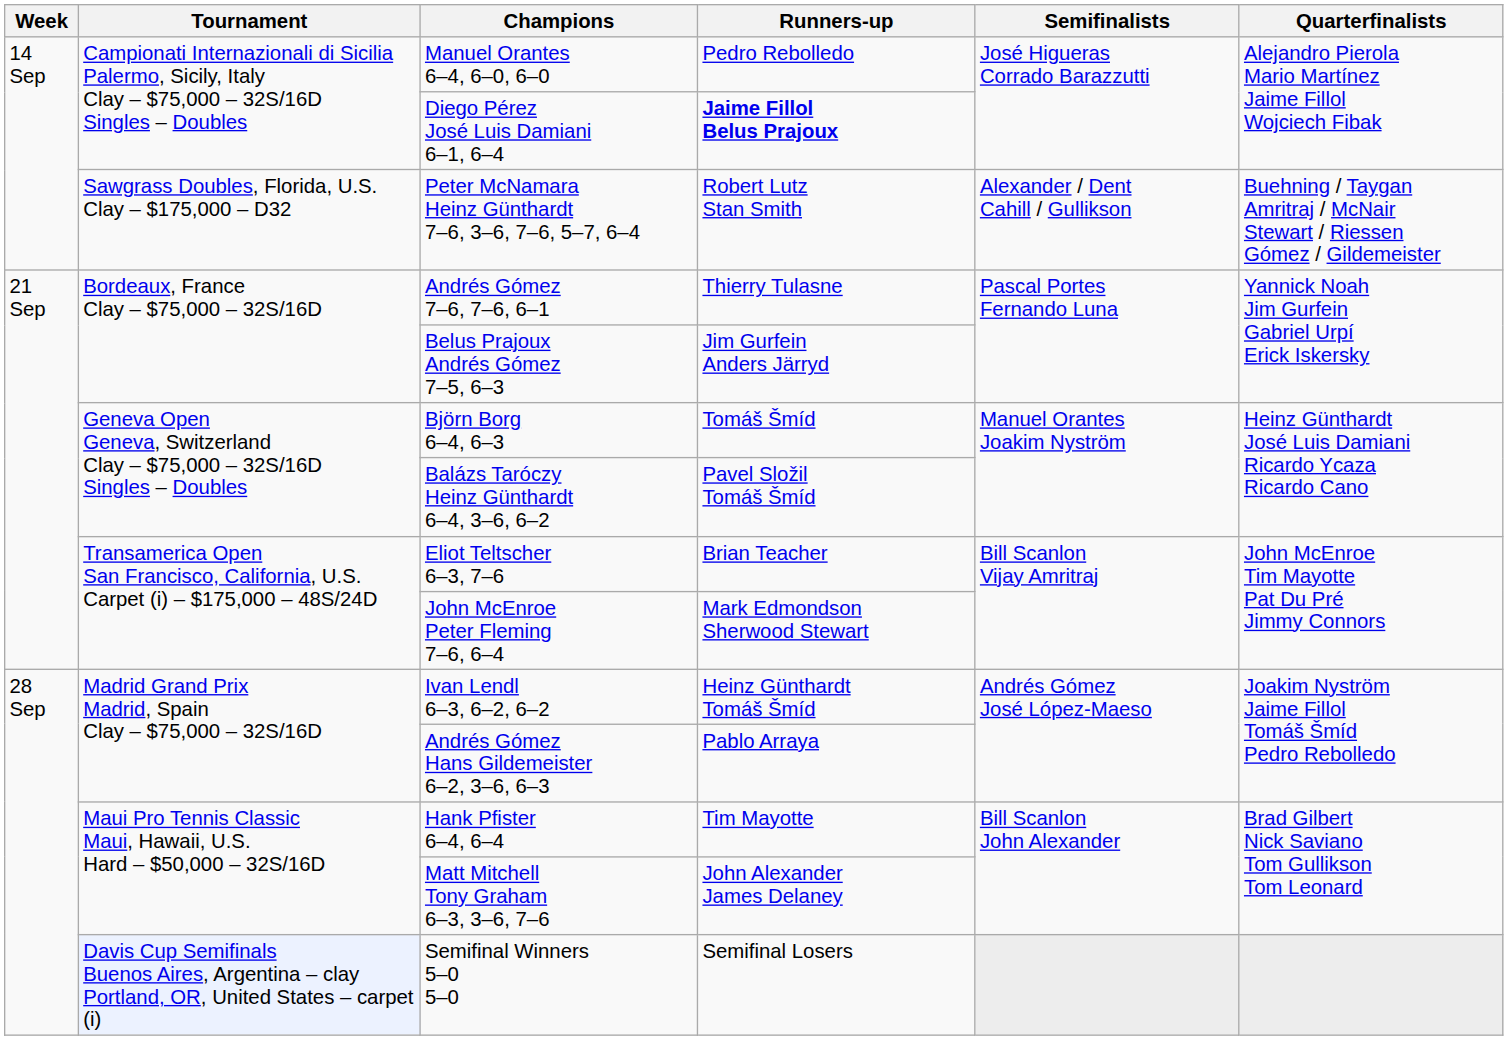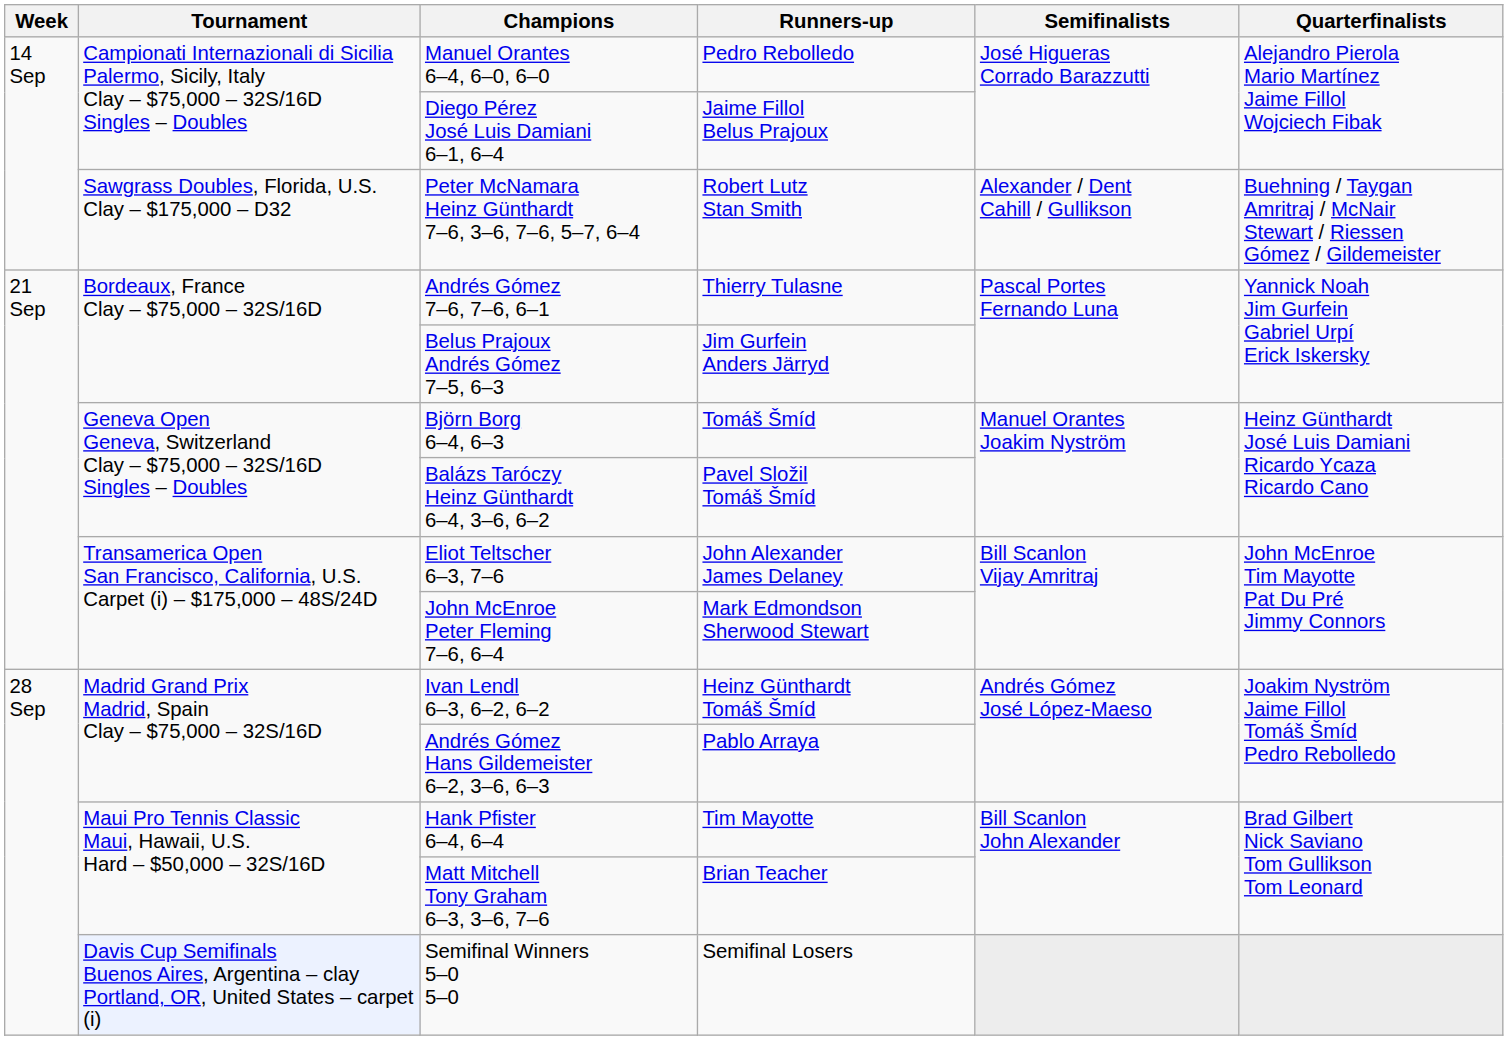 <table class=wikitable style=font-size:95%>
 <tr>
 <th style="width:48px;">Week</th>
 <th style="width:248px;">Tournament</th>
 <th style="width:200px;">Champions</th>
 <th style="width:200px;">Runners-up</th>
 <th style="width:190px;">Semifinalists</th>
 <th style="width:190px;">Quarterfinalists</th>
 </tr>
 <tr valign=top>
 <td rowspan=3>14 Sep</td>
 <td rowspan=2><a href='#'>Campionati Internazionali di Sicilia</a> <br> <a href='#'>Palermo</a>, Sicily, Italy <br> Clay – $75,000 – 32S/16D <br> <a href='#'>Singles</a> – <a href='#'>Doubles</a></td>
 <td> <a href='#'>Manuel Orantes</a> <br> 6–4, 6–0, 6–0</td>
 <td> <a href='#'>Pedro Rebolledo</a></td>
 <td rowspan=2> <a href='#'>José Higueras</a> <br>  <a href='#'>Corrado Barazzutti</a></td>
 <td rowspan=2> <a href='#'>Alejandro Pierola</a> <br>  <a href='#'>Mario Martínez</a> <br>  <a href='#'>Jaime Fillol</a> <br>  <a href='#'>Wojciech Fibak</a></td>
 </tr>
 <tr valign=top>
 <td> <a href='#'>Diego Pérez</a> <br>  <a href='#'>José Luis Damiani</a> <br> 6–1, 6–4</td>
-<td><strong> <a href='#'>Jaime Fillol</a> <br>  <a href='#'>Belus Prajoux</a></strong></td>
+<td> <a href='#'>Jaime Fillol</a> <br>  <a href='#'>Belus Prajoux</a></td>
 </tr>
 <tr valign=top>
 <td><a href='#'>Sawgrass Doubles</a>, Florida, U.S. <br> Clay – $175,000 – D32</td>
 <td> <a href='#'>Peter McNamara</a> <br>  <a href='#'>Heinz Günthardt</a> <br> 7–6, 3–6, 7–6, 5–7, 6–4</td>
 <td> <a href='#'>Robert Lutz</a> <br>  <a href='#'>Stan Smith</a></td>
 <td> <a href='#'>Alexander</a> /  <a href='#'>Dent</a><br> <a href='#'>Cahill</a> /  <a href='#'>Gullikson</a></td>
 <td> <a href='#'>Buehning</a> /  <a href='#'>Taygan</a><br> <a href='#'>Amritraj</a> /  <a href='#'>McNair</a><br> <a href='#'>Stewart</a> /  <a href='#'>Riessen</a><br> <a href='#'>Gómez</a> /  <a href='#'>Gildemeister</a></td>
 </tr>
 <tr valign=top>
 <td rowspan=6>21 Sep</td>
 <td rowspan=2><a href='#'>Bordeaux</a>, France <br> Clay – $75,000 – 32S/16D</td>
 <td> <a href='#'>Andrés Gómez</a> <br> 7–6, 7–6, 6–1</td>
 <td> <a href='#'>Thierry Tulasne</a></td>
 <td rowspan=2> <a href='#'>Pascal Portes</a> <br>  <a href='#'>Fernando Luna</a></td>
 <td rowspan=2> <a href='#'>Yannick Noah</a> <br>  <a href='#'>Jim Gurfein</a> <br>  <a href='#'>Gabriel Urpí</a> <br>  <a href='#'>Erick Iskersky</a></td>
 </tr>
 <tr valign=top>
 <td> <a href='#'>Belus Prajoux</a> <br>  <a href='#'>Andrés Gómez</a> <br> 7–5, 6–3</td>
 <td> <a href='#'>Jim Gurfein</a> <br>  <a href='#'>Anders Järryd</a></td>
 </tr>
 <tr valign=top>
 <td rowspan=2><a href='#'>Geneva Open</a> <br> <a href='#'>Geneva</a>, Switzerland <br> Clay – $75,000 – 32S/16D <br> <a href='#'>Singles</a> – <a href='#'>Doubles</a></td>
 <td> <a href='#'>Björn Borg</a> <br> 6–4, 6–3</td>
 <td> <a href='#'>Tomáš Šmíd</a></td>
 <td rowspan=2> <a href='#'>Manuel Orantes</a> <br>  <a href='#'>Joakim Nyström</a></td>
 <td rowspan=2> <a href='#'>Heinz Günthardt</a> <br>  <a href='#'>José Luis Damiani</a> <br>  <a href='#'>Ricardo Ycaza</a> <br>  <a href='#'>Ricardo Cano</a></td>
 </tr>
 <tr valign=top>
 <td> <a href='#'>Balázs Taróczy</a> <br>  <a href='#'>Heinz Günthardt</a> <br> 6–4, 3–6, 6–2</td>
 <td> <a href='#'>Pavel Složil</a> <br>  <a href='#'>Tomáš Šmíd</a></td>
 </tr>
 <tr valign=top>
 <td rowspan=2><a href='#'>Transamerica Open</a> <br> <a href='#'>San Francisco, California</a>, U.S. <br> Carpet (i) – $175,000 – 48S/24D</td>
 <td> <a href='#'>Eliot Teltscher</a> <br> 6–3, 7–6</td>
-<td> <a href='#'>Brian Teacher</a></td>
+<td> <a href='#'>John Alexander</a> <br>  <a href='#'>James Delaney</a></td>
 <td rowspan=2> <a href='#'>Bill Scanlon</a> <br>  <a href='#'>Vijay Amritraj</a></td>
 <td rowspan=2> <a href='#'>John McEnroe</a> <br>  <a href='#'>Tim Mayotte</a> <br>  <a href='#'>Pat Du Pré</a> <br>  <a href='#'>Jimmy Connors</a></td>
 </tr>
 <tr valign=top>
 <td> <a href='#'>John McEnroe</a> <br>  <a href='#'>Peter Fleming</a> <br> 7–6, 6–4</td>
 <td> <a href='#'>Mark Edmondson</a> <br>  <a href='#'>Sherwood Stewart</a></td>
 </tr>
 <tr valign=top>
 <td rowspan=5>28 Sep</td>
 <td rowspan=2><a href='#'>Madrid Grand Prix</a> <br> <a href='#'>Madrid</a>, Spain <br> Clay – $75,000 – 32S/16D</td>
 <td> <a href='#'>Ivan Lendl</a> <br> 6–3, 6–2, 6–2</td>
 <td> <a href='#'>Heinz Günthardt</a> <br>  <a href='#'>Tomáš Šmíd</a></td>
 <td rowspan=2> <a href='#'>Andrés Gómez</a> <br>  <a href='#'>José López-Maeso</a></td>
 <td rowspan=2> <a href='#'>Joakim Nyström</a> <br>  <a href='#'>Jaime Fillol</a> <br>  <a href='#'>Tomáš Šmíd</a> <br>  <a href='#'>Pedro Rebolledo</a></td>
 </tr>
 <tr valign=top>
 <td> <a href='#'>Andrés Gómez</a> <br>  <a href='#'>Hans Gildemeister</a> <br> 6–2, 3–6, 6–3</td>
 <td> <a href='#'>Pablo Arraya</a></td>
 </tr>
 <tr valign=top>
 <td rowspan=2><a href='#'>Maui Pro Tennis Classic</a> <br> <a href='#'>Maui</a>, Hawaii, U.S. <br> Hard – $50,000 – 32S/16D</td>
 <td> <a href='#'>Hank Pfister</a> <br> 6–4, 6–4</td>
 <td> <a href='#'>Tim Mayotte</a></td>
 <td rowspan=2> <a href='#'>Bill Scanlon</a> <br>  <a href='#'>John Alexander</a></td>
 <td rowspan=2> <a href='#'>Brad Gilbert</a> <br>  <a href='#'>Nick Saviano</a> <br>  <a href='#'>Tom Gullikson</a> <br>  <a href='#'>Tom Leonard</a></td>
 </tr>
 <tr valign=top>
 <td> <a href='#'>Matt Mitchell</a> <br>  <a href='#'>Tony Graham</a> <br> 6–3, 3–6, 7–6</td>
-<td> <a href='#'>John Alexander</a> <br>  <a href='#'>James Delaney</a></td>
+<td> <a href='#'>Brian Teacher</a></td>
 </tr>
 <tr valign=top>
 <td style="background:#ECF2FF;"><a href='#'>Davis Cup Semifinals</a><br> <a href='#'>Buenos Aires</a>, Argentina – clay<br><a href='#'>Portland, OR</a>, United States – carpet (i)</td>
 <td>Semifinal Winners<br> 5–0<br> 5–0</td>
 <td>Semifinal Losers<br><br></td>
 <td style="background:#ededed;"></td>
 <td style="background:#ededed;"></td>
 </tr>
 </table>
